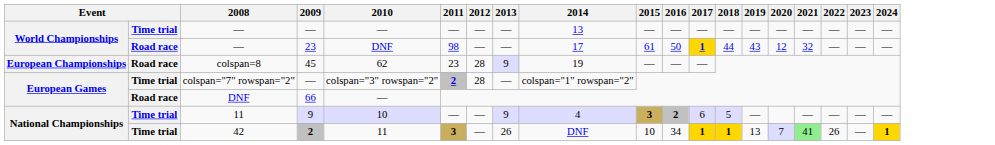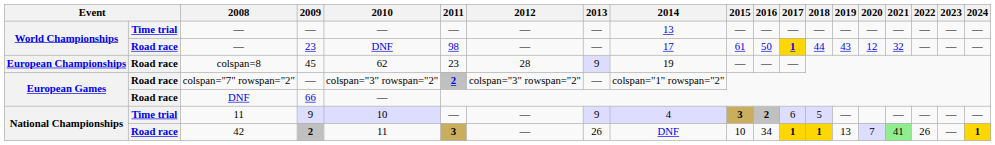 <table class="wikitable plainrowheaders">
 <tr style="background:#EEEEEE;">
 <th scope="col" colspan=2>Event</th>
 <th>2008</th>
 <th>2009</th>
 <th>2010</th>
 <th>2011</th>
 <th>2012</th>
 <th>2013</th>
 <th>2014</th>
 <th>2015</th>
 <th>2016</th>
 <th>2017</th>
 <th>2018</th>
 <th>2019</th>
 <th>2020</th>
 <th>2021</th>
 <th>2022</th>
 <th>2023</th>
 <th>2024</th>
 </tr>
 <tr style="text-align:center;">
 <th scope="row" rowspan=2> <a href='#'>World Championships</a></th>
 <th scope="row"><a href='#'>Time trial</a></th>
 <td>—</td>
 <td>—</td>
 <td>—</td>
 <td>—</td>
 <td>—</td>
 <td>—</td>
 <td><a href='#'>13</a></td>
 <td>—</td>
 <td>—</td>
 <td>—</td>
 <td>—</td>
 <td>—</td>
 <td>—</td>
 <td>—</td>
 <td>—</td>
 <td>—</td>
 <td>—</td>
 </tr>
 <tr style="text-align:center;">
 <th scope="row"><a href='#'>Road race</a></th>
 <td>—</td>
 <td><a href='#'>23</a></td>
 <td><a href='#'>DNF</a></td>
 <td><a href='#'>98</a></td>
 <td>—</td>
 <td>—</td>
 <td><a href='#'>17</a></td>
 <td><a href='#'>61</a></td>
 <td><a href='#'>50</a></td>
 <th style="background:gold;"><a href='#'>1</a></th>
 <td><a href='#'>44</a></td>
 <td><a href='#'>43</a></td>
 <td><a href='#'>12</a></td>
 <td><a href='#'>32</a></td>
 <td>—</td>
 <td>—</td>
 <td>—</td>
 </tr>
 <tr style="text-align:center;">
 <th scope="row"> <a href='#'>European Championships</a></th>
 <th scope="row">Road race</th>
 <td>colspan=8 </td>
 <td>45</td>
 <td>62</td>
 <td>23</td>
 <td>28</td>
 <td style="background:#ddf;">9</td>
 <td>19</td>
 <td>—</td>
 <td>—</td>
 <td>—</td>
 </tr>
 <tr style="text-align:center;">
 <th scope="row" rowspan=2> <a href='#'>European Games</a></th>
-<th scope="row">Time trial</th>
+<th scope="row">Road race</th>
 <td>colspan="7" rowspan="2" </td>
 <td>—</td>
 <td>colspan="3" rowspan="2" </td>
 <th style="background:silver;"><a href='#'>2</a></th>
-<td>28</td>
+<td>colspan="3" rowspan="2" </td>
 <td>—</td>
 <td>colspan="1" rowspan="2" </td>
 </tr>
 <tr style="text-align:center;">
 <th scope="row">Road race</th>
 <td><a href='#'>DNF</a></td>
 <td><a href='#'>66</a></td>
 <td>—</td>
 </tr>
 <tr style="text-align:center;">
 <th scope="row" rowspan=2> National Championships</th>
 <th scope="row"><a href='#'>Time trial</a></th>
 <td>11</td>
 <td style="background:#ddf;">9</td>
 <td style="background:#ddf;">10</td>
 <td>—</td>
 <td>—</td>
 <td style="background:#ddf;">9</td>
 <td style="background:#ddf;">4</td>
 <th style="background:#C9AE5D;">3</th>
 <th style="background:silver;">2</th>
 <td style="background:#ddf;">6</td>
 <td style="background:#ddf;">5</td>
 <td>—</td>
 <td></td>
 <td>—</td>
 <td>—</td>
 <td>—</td>
 <td>—</td>
 </tr>
 <tr style="text-align:center;">
-<th scope="row">Time trial</th>
+<th scope="row"><a href='#'>Road race</a></th>
 <td>42</td>
 <th style="background:silver;">2</th>
 <td>11</td>
 <th style="background:#C9AE5D;">3</th>
 <td>—</td>
 <td>26</td>
 <td><a href='#'>DNF</a></td>
 <td>10</td>
 <td>34</td>
 <th style="background:gold;">1</th>
 <th style="background:gold;">1</th>
 <td>13</td>
 <td style="background:#ddf;">7</td>
 <td style="background: lightgreen;">41</td>
 <td>26</td>
 <td>—</td>
 <th style="background:gold;">1</th>
 </tr>
 </table>
